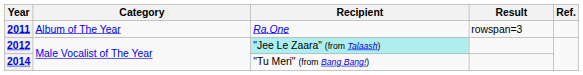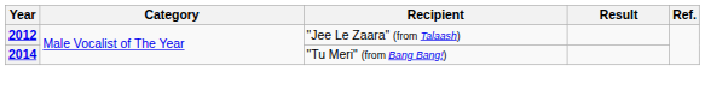 <table class="wikitable plainrowheaders" style="width:100%; textcolor:#000">
 <tr>
 <th scope="col" style="width:5%;"><strong>Year</strong></th>
 <th scope="col" style="width:39%;"><strong>Category</strong></th>
 <th scope="col" style="width:39%;"><strong>Recipient</strong></th>
 <th scope="col" style="width:15%;"><strong>Result</strong></th>
 <th scope="col" style="width:2%;"><strong>Ref.</strong></th>
 </tr>
 <tr>
-<th scope="row"><a href='#'>2011</a></th>
-<td><a href='#'>Album of The Year</a></td>
-<td><em><a href='#'>Ra.One</a></em></td>
-<td>rowspan=3 </td>
-<td></td>
-</tr>
-<tr>
 <th scope="row"><a href='#'>2012</a></th>
 <td rowspan=2><a href='#'>Male Vocalist of The Year</a></td>
-<td style="background: paleturquoise;">"Jee Le Zaara" <small>(from <em><a href='#'>Talaash</a></em>)</small></td>
+<td>"Jee Le Zaara" <small>(from <em><a href='#'>Talaash</a></em>)</small></td>
 <td></td>
 </tr>
 <tr>
 <th scope="row"><a href='#'>2014</a></th>
 <td>"Tu Meri" <small>(from <em><a href='#'>Bang Bang!</a></em>)</small></td>
 <td></td>
 </tr>
 </table>
